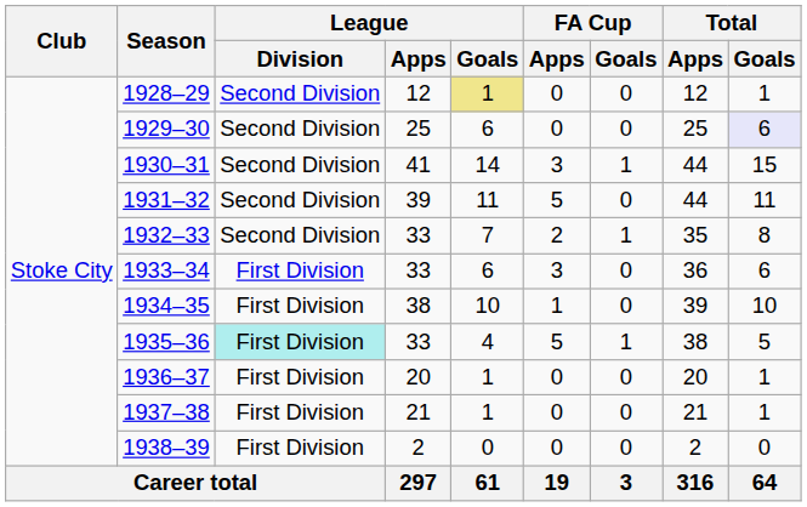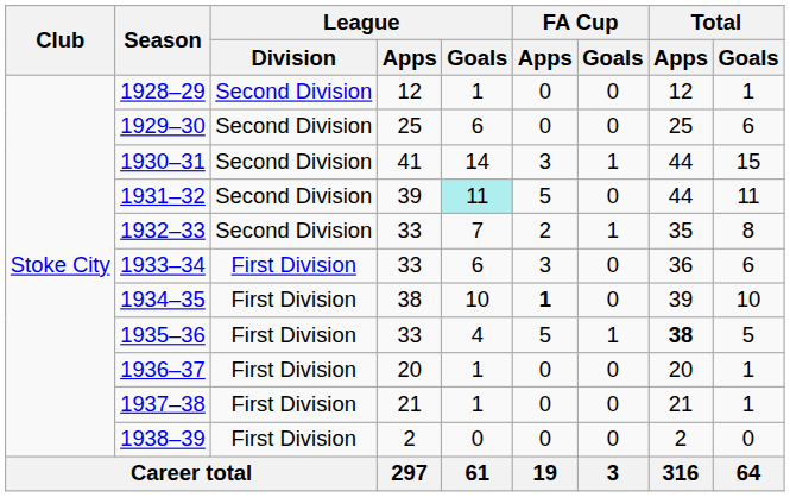 <table class="wikitable" style="text-align: center;">
 <tr>
 <th rowspan="2">Club</th>
 <th rowspan="2">Season</th>
 <th colspan="3">League</th>
 <th colspan="2">FA Cup</th>
 <th colspan="2">Total</th>
 </tr>
 <tr>
 <th>Division</th>
 <th>Apps</th>
 <th>Goals</th>
 <th>Apps</th>
 <th>Goals</th>
 <th>Apps</th>
 <th>Goals</th>
 </tr>
 <tr>
 <td rowspan="11"><a href='#'>Stoke City</a></td>
 <td><a href='#'>1928–29</a></td>
 <td><a href='#'>Second Division</a></td>
 <td>12</td>
-<td style="background: khaki;">1</td>
+<td>1</td>
 <td>0</td>
 <td>0</td>
 <td>12</td>
 <td>1</td>
 </tr>
 <tr>
 <td><a href='#'>1929–30</a></td>
 <td>Second Division</td>
 <td>25</td>
 <td>6</td>
 <td>0</td>
 <td>0</td>
 <td>25</td>
-<td style="background: lavender;">6</td>
+<td>6</td>
 </tr>
 <tr>
 <td><a href='#'>1930–31</a></td>
 <td>Second Division</td>
 <td>41</td>
 <td>14</td>
 <td>3</td>
 <td>1</td>
 <td>44</td>
 <td>15</td>
 </tr>
 <tr>
 <td><a href='#'>1931–32</a></td>
 <td>Second Division</td>
 <td>39</td>
-<td>11</td>
+<td style="background: paleturquoise;">11</td>
 <td>5</td>
 <td>0</td>
 <td>44</td>
 <td>11</td>
 </tr>
 <tr>
 <td><a href='#'>1932–33</a></td>
 <td>Second Division</td>
 <td>33</td>
 <td>7</td>
 <td>2</td>
 <td>1</td>
 <td>35</td>
 <td>8</td>
 </tr>
 <tr>
 <td><a href='#'>1933–34</a></td>
 <td><a href='#'>First Division</a></td>
 <td>33</td>
 <td>6</td>
 <td>3</td>
 <td>0</td>
 <td>36</td>
 <td>6</td>
 </tr>
 <tr>
 <td><a href='#'>1934–35</a></td>
 <td>First Division</td>
 <td>38</td>
 <td>10</td>
-<td>1</td>
+<td><strong>1</strong></td>
 <td>0</td>
 <td>39</td>
 <td>10</td>
 </tr>
 <tr>
 <td><a href='#'>1935–36</a></td>
-<td style="background: paleturquoise;">First Division</td>
+<td>First Division</td>
 <td>33</td>
 <td>4</td>
 <td>5</td>
 <td>1</td>
-<td>38</td>
+<td><strong>38</strong></td>
 <td>5</td>
 </tr>
 <tr>
 <td><a href='#'>1936–37</a></td>
 <td>First Division</td>
 <td>20</td>
 <td>1</td>
 <td>0</td>
 <td>0</td>
 <td>20</td>
 <td>1</td>
 </tr>
 <tr>
 <td><a href='#'>1937–38</a></td>
 <td>First Division</td>
 <td>21</td>
 <td>1</td>
 <td>0</td>
 <td>0</td>
 <td>21</td>
 <td>1</td>
 </tr>
 <tr>
 <td><a href='#'>1938–39</a></td>
 <td>First Division</td>
 <td>2</td>
 <td>0</td>
 <td>0</td>
 <td>0</td>
 <td>2</td>
 <td>0</td>
 </tr>
 <tr>
 <th colspan="3">Career total</th>
 <th>297</th>
 <th>61</th>
 <th>19</th>
 <th>3</th>
 <th>316</th>
 <th>64</th>
 </tr>
 </table>
